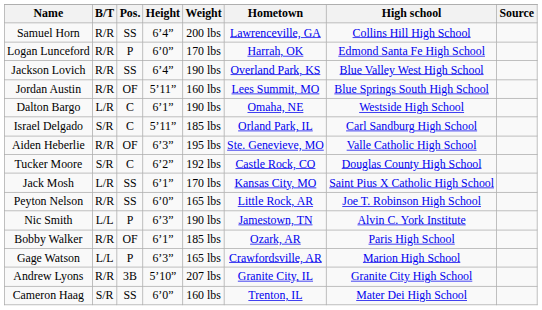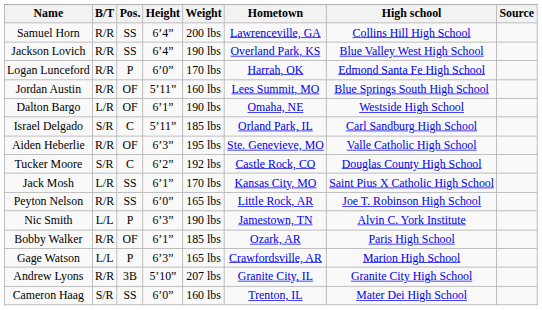 <table class="wikitable sortable collapsible">
 <tr>
 </tr>
 <tr>
 <th style="text-align:center; ">Name</th>
 <th style="text-align:center; ">B/T</th>
 <th style="text-align:center; ">Pos.</th>
 <th style="text-align:center; ">Height</th>
 <th style="text-align:center; ">Weight</th>
 <th style="text-align:center; ">Hometown</th>
 <th style="text-align:center; ">High school</th>
 <th style="text-align:center; ">Source</th>
 </tr>
 <tr align="center">
 <td>Samuel Horn</td>
 <td>R/R</td>
 <td>SS</td>
 <td>6’4”</td>
 <td>200 lbs</td>
 <td><a href='#'>Lawrenceville, GA</a></td>
 <td><a href='#'>Collins Hill High School</a></td>
 <td></td>
 </tr>
 <tr align="center">
+<td>Jackson Lovich</td>
+<td>R/R</td>
+<td>SS</td>
+<td>6’4”</td>
+<td>190 lbs</td>
+<td><a href='#'>Overland Park, KS</a></td>
+<td><a href='#'>Blue Valley West High School</a></td>
+<td></td>
+</tr>
+<tr align="center">
 <td>Logan Lunceford</td>
 <td>R/R</td>
 <td>P</td>
 <td>6’0”</td>
 <td>170 lbs</td>
 <td><a href='#'>Harrah, OK</a></td>
 <td><a href='#'>Edmond Santa Fe High School</a></td>
-<td></td>
-</tr>
-<tr align="center">
-<td>Jackson Lovich</td>
-<td>R/R</td>
-<td>SS</td>
-<td>6’4”</td>
-<td>190 lbs</td>
-<td><a href='#'>Overland Park, KS</a></td>
-<td><a href='#'>Blue Valley West High School</a></td>
 <td></td>
 </tr>
 <tr align="center">
 <td>Jordan Austin</td>
 <td>R/R</td>
 <td>OF</td>
 <td>5’11”</td>
 <td>160 lbs</td>
 <td><a href='#'>Lees Summit, MO</a></td>
 <td><a href='#'>Blue Springs South High School</a></td>
 <td></td>
 </tr>
 <tr align="center">
 <td>Dalton Bargo</td>
 <td>L/R</td>
-<td>C</td>
+<td>OF</td>
 <td>6’1”</td>
 <td>190 lbs</td>
 <td><a href='#'>Omaha, NE</a></td>
 <td><a href='#'>Westside High School</a></td>
 <td></td>
 </tr>
 <tr align="center">
 <td>Israel Delgado</td>
 <td>S/R</td>
 <td>C</td>
 <td>5’11”</td>
 <td>185 lbs</td>
 <td><a href='#'>Orland Park, IL</a></td>
 <td><a href='#'>Carl Sandburg High School</a></td>
 <td></td>
 </tr>
 <tr align="center">
 <td>Aiden Heberlie</td>
 <td>R/R</td>
 <td>OF</td>
 <td>6’3”</td>
 <td>195 lbs</td>
 <td><a href='#'>Ste. Genevieve, MO</a></td>
 <td><a href='#'>Valle Catholic High School</a></td>
 <td></td>
 </tr>
 <tr align="center">
 <td>Tucker Moore</td>
 <td>S/R</td>
 <td>C</td>
 <td>6’2”</td>
 <td>192 lbs</td>
 <td><a href='#'>Castle Rock, CO</a></td>
 <td><a href='#'>Douglas County High School</a></td>
 <td></td>
 </tr>
 <tr align="center">
 <td>Jack Mosh</td>
 <td>L/R</td>
 <td>SS</td>
 <td>6’1”</td>
 <td>170 lbs</td>
 <td><a href='#'>Kansas City, MO</a></td>
 <td><a href='#'>Saint Pius X Catholic High School</a></td>
 <td></td>
 </tr>
 <tr align="center">
 <td>Peyton Nelson</td>
 <td>R/R</td>
 <td>SS</td>
 <td>6’0”</td>
 <td>165 lbs</td>
 <td><a href='#'>Little Rock, AR</a></td>
 <td><a href='#'>Joe T. Robinson High School</a></td>
 <td></td>
 </tr>
 <tr align="center">
 <td>Nic Smith</td>
 <td>L/L</td>
 <td>P</td>
 <td>6’3”</td>
 <td>190 lbs</td>
 <td><a href='#'>Jamestown, TN</a></td>
 <td><a href='#'>Alvin C. York Institute</a></td>
 <td></td>
 </tr>
 <tr align="center">
 <td>Bobby Walker</td>
 <td>R/R</td>
 <td>OF</td>
 <td>6’1”</td>
 <td>185 lbs</td>
 <td><a href='#'>Ozark, AR</a></td>
 <td><a href='#'>Paris High School</a></td>
 <td></td>
 </tr>
 <tr align="center">
 <td>Gage Watson</td>
 <td>L/L</td>
 <td>P</td>
 <td>6’3”</td>
 <td>165 lbs</td>
 <td><a href='#'>Crawfordsville, AR</a></td>
 <td><a href='#'>Marion High School</a></td>
 <td></td>
 </tr>
 <tr align="center">
 <td>Andrew Lyons</td>
 <td>R/R</td>
 <td>3B</td>
 <td>5’10”</td>
 <td>207 lbs</td>
 <td><a href='#'>Granite City, IL</a></td>
 <td><a href='#'>Granite City High School</a></td>
 <td></td>
 </tr>
 <tr align="center">
 <td>Cameron Haag</td>
 <td>S/R</td>
 <td>SS</td>
 <td>6’0”</td>
 <td>160 lbs</td>
 <td><a href='#'>Trenton, IL</a></td>
 <td><a href='#'>Mater Dei High School</a></td>
 <td></td>
 </tr>
 </table>
